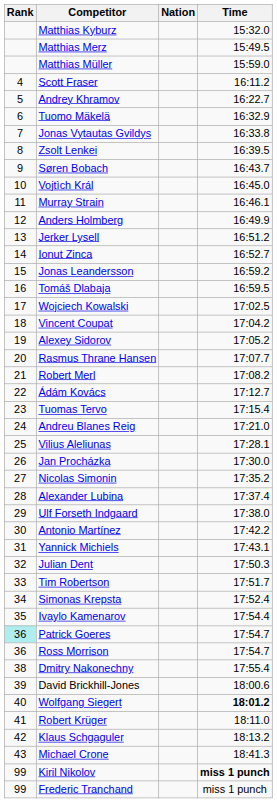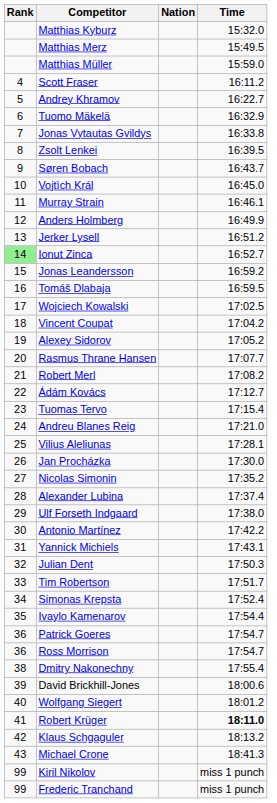 <table class="wikitable sortable" style="text-align:left">
 <tr>
 <th data-sort-type="number">Rank</th>
 <th class="unsortable">Competitor</th>
 <th>Nation</th>
 <th>Time</th>
 </tr>
 <tr>
 <td style="text-align:center"></td>
 <td><a href='#'>Matthias Kyburz</a></td>
 <td></td>
 <td style="text-align:right">15:32.0</td>
 </tr>
 <tr>
 <td style="text-align:center"></td>
 <td><a href='#'>Matthias Merz</a></td>
 <td></td>
 <td style="text-align:right">15:49.5</td>
 </tr>
 <tr>
 <td style="text-align:center"></td>
 <td><a href='#'>Matthias Müller</a></td>
 <td></td>
 <td style="text-align:right">15:59.0</td>
 </tr>
 <tr>
 <td style="text-align:center">4</td>
 <td><a href='#'>Scott Fraser</a></td>
 <td></td>
 <td style="text-align:right">16:11.2</td>
 </tr>
 <tr>
 <td style="text-align:center">5</td>
 <td><a href='#'>Andrey Khramov</a></td>
 <td></td>
 <td style="text-align:right">16:22.7</td>
 </tr>
 <tr>
 <td style="text-align:center">6</td>
 <td><a href='#'>Tuomo Mäkelä</a></td>
 <td></td>
 <td style="text-align:right">16:32.9</td>
 </tr>
 <tr>
 <td style="text-align:center">7</td>
 <td><a href='#'>Jonas Vytautas Gvildys</a></td>
 <td></td>
 <td style="text-align:right">16:33.8</td>
 </tr>
 <tr>
 <td style="text-align:center">8</td>
 <td><a href='#'>Zsolt Lenkei</a></td>
 <td></td>
 <td style="text-align:right">16:39.5</td>
 </tr>
 <tr>
 <td style="text-align:center">9</td>
 <td><a href='#'>Søren Bobach</a></td>
 <td></td>
 <td style="text-align:right">16:43.7</td>
 </tr>
 <tr>
 <td style="text-align:center">10</td>
 <td><a href='#'>Vojtìch Král</a></td>
 <td></td>
 <td style="text-align:right">16:45.0</td>
 </tr>
 <tr>
 <td style="text-align:center">11</td>
 <td><a href='#'>Murray Strain</a></td>
 <td></td>
 <td style="text-align:right">16:46.1</td>
 </tr>
 <tr>
 <td style="text-align:center">12</td>
 <td><a href='#'>Anders Holmberg</a></td>
 <td></td>
 <td style="text-align:right">16:49.9</td>
 </tr>
 <tr>
 <td style="text-align:center">13</td>
 <td><a href='#'>Jerker Lysell</a></td>
 <td></td>
 <td style="text-align:right">16:51.2</td>
 </tr>
 <tr>
-<td style="text-align:center">14</td>
+<td style="background: lightgreen; text-align:center">14</td>
 <td><a href='#'>Ionut Zinca</a></td>
 <td></td>
 <td style="text-align:right">16:52.7</td>
 </tr>
 <tr>
 <td style="text-align:center">15</td>
 <td><a href='#'>Jonas Leandersson</a></td>
 <td></td>
 <td style="text-align:right">16:59.2</td>
 </tr>
 <tr>
 <td style="text-align:center">16</td>
 <td><a href='#'>Tomáš Dlabaja</a></td>
 <td></td>
 <td style="text-align:right">16:59.5</td>
 </tr>
 <tr>
 <td style="text-align:center">17</td>
 <td><a href='#'>Wojciech Kowalski</a></td>
 <td></td>
 <td style="text-align:right">17:02.5</td>
 </tr>
 <tr>
 <td style="text-align:center">18</td>
 <td><a href='#'>Vincent Coupat</a></td>
 <td></td>
 <td style="text-align:right">17:04.2</td>
 </tr>
 <tr>
 <td style="text-align:center">19</td>
 <td><a href='#'>Alexey Sidorov</a></td>
 <td></td>
 <td style="text-align:right">17:05.2</td>
 </tr>
 <tr>
 <td style="text-align:center">20</td>
 <td><a href='#'>Rasmus Thrane Hansen</a></td>
 <td></td>
 <td style="text-align:right">17:07.7</td>
 </tr>
 <tr>
 <td style="text-align:center">21</td>
 <td><a href='#'>Robert Merl</a></td>
 <td></td>
 <td style="text-align:right">17:08.2</td>
 </tr>
 <tr>
 <td style="text-align:center">22</td>
 <td><a href='#'>Ádám Kovács</a></td>
 <td></td>
 <td style="text-align:right">17:12.7</td>
 </tr>
 <tr>
 <td style="text-align:center">23</td>
 <td><a href='#'>Tuomas Tervo</a></td>
 <td></td>
 <td style="text-align:right">17:15.4</td>
 </tr>
 <tr>
 <td style="text-align:center">24</td>
 <td><a href='#'>Andreu Blanes Reig</a></td>
 <td></td>
 <td style="text-align:right">17:21.0</td>
 </tr>
 <tr>
 <td style="text-align:center">25</td>
 <td><a href='#'>Vilius Aleliunas</a></td>
 <td></td>
 <td style="text-align:right">17:28.1</td>
 </tr>
 <tr>
 <td style="text-align:center">26</td>
 <td><a href='#'>Jan Procházka</a></td>
 <td></td>
 <td style="text-align:right">17:30.0</td>
 </tr>
 <tr>
 <td style="text-align:center">27</td>
 <td><a href='#'>Nicolas Simonin</a></td>
 <td></td>
 <td style="text-align:right">17:35.2</td>
 </tr>
 <tr>
 <td style="text-align:center">28</td>
 <td><a href='#'>Alexander Lubina</a></td>
 <td></td>
 <td style="text-align:right">17:37.4</td>
 </tr>
 <tr>
 <td style="text-align:center">29</td>
 <td><a href='#'>Ulf Forseth Indgaard</a></td>
 <td></td>
 <td style="text-align:right">17:38.0</td>
 </tr>
 <tr>
 <td style="text-align:center">30</td>
 <td><a href='#'>Antonio Martínez</a></td>
 <td></td>
 <td style="text-align:right">17:42.2</td>
 </tr>
 <tr>
 <td style="text-align:center">31</td>
 <td><a href='#'>Yannick Michiels</a></td>
 <td></td>
 <td style="text-align:right">17:43.1</td>
 </tr>
 <tr>
 <td style="text-align:center">32</td>
 <td><a href='#'>Julian Dent</a></td>
 <td></td>
 <td style="text-align:right">17:50.3</td>
 </tr>
 <tr>
 <td style="text-align:center">33</td>
 <td><a href='#'>Tim Robertson</a></td>
 <td></td>
 <td style="text-align:right">17:51.7</td>
 </tr>
 <tr>
 <td style="text-align:center">34</td>
 <td><a href='#'>Simonas Krepsta</a></td>
 <td></td>
 <td style="text-align:right">17:52.4</td>
 </tr>
 <tr>
 <td style="text-align:center">35</td>
 <td><a href='#'>Ivaylo Kamenarov</a></td>
 <td></td>
 <td style="text-align:right">17:54.4</td>
 </tr>
 <tr>
-<td style="background: paleturquoise; text-align:center">36</td>
+<td style="text-align:center">36</td>
 <td><a href='#'>Patrick Goeres</a></td>
 <td></td>
 <td style="text-align:right">17:54.7</td>
 </tr>
 <tr>
 <td style="text-align:center">36</td>
 <td><a href='#'>Ross Morrison</a></td>
 <td></td>
 <td style="text-align:right">17:54.7</td>
 </tr>
 <tr>
 <td style="text-align:center">38</td>
 <td><a href='#'>Dmitry Nakonechny</a></td>
 <td></td>
 <td style="text-align:right">17:55.4</td>
 </tr>
 <tr>
 <td style="text-align:center">39</td>
 <td>David Brickhill-Jones</td>
 <td></td>
 <td style="text-align:right">18:00.6</td>
 </tr>
 <tr>
 <td style="text-align:center">40</td>
 <td><a href='#'>Wolfgang Siegert</a></td>
 <td></td>
-<td style="text-align:right"><strong>18:01.2</strong></td>
+<td style="text-align:right">18:01.2</td>
 </tr>
 <tr>
 <td style="text-align:center">41</td>
 <td><a href='#'>Robert Krüger</a></td>
 <td></td>
-<td style="text-align:right">18:11.0</td>
+<td style="text-align:right"><strong>18:11.0</strong></td>
 </tr>
 <tr>
 <td style="text-align:center">42</td>
 <td><a href='#'>Klaus Schgaguler</a></td>
 <td></td>
 <td style="text-align:right">18:13.2</td>
 </tr>
 <tr>
 <td style="text-align:center">43</td>
 <td><a href='#'>Michael Crone</a></td>
 <td></td>
 <td style="text-align:right">18:41.3</td>
 </tr>
 <tr>
 <td style="text-align:center"><span>99</span></td>
 <td><a href='#'>Kiril Nikolov</a></td>
 <td></td>
-<td style="text-align:center"><strong>miss 1 punch</strong></td>
+<td style="text-align:center">miss 1 punch</td>
 </tr>
 <tr>
 <td style="text-align:center"><span>99</span></td>
 <td><a href='#'>Frederic Tranchand</a></td>
 <td></td>
 <td style="text-align:center">miss 1 punch</td>
 </tr>
 </table>
